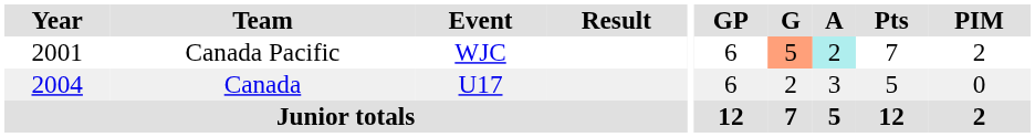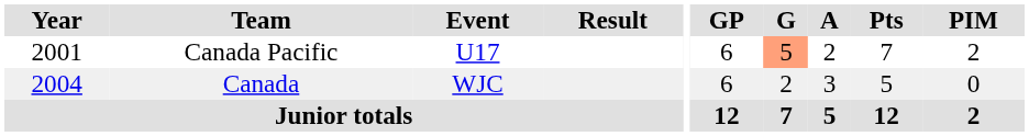 <table border="0" cellpadding="1" cellspacing="0" ID="Table3" style="text-align:center; width:40em">
 <tr ALIGN="center" bgcolor="#e0e0e0">
 <th>Year</th>
 <th>Team</th>
 <th>Event</th>
 <th>Result</th>
 <th rowspan="99" bgcolor="#ffffff"></th>
 <th>GP</th>
 <th>G</th>
 <th>A</th>
 <th>Pts</th>
 <th>PIM</th>
 </tr>
 <tr>
 <td>2001</td>
 <td>Canada Pacific</td>
-<td><a href='#'>WJC</a></td>
+<td><a href='#'>U17</a></td>
 <td></td>
 <td>6</td>
 <td style="background: lightsalmon;">5</td>
-<td style="background: paleturquoise;">2</td>
+<td>2</td>
 <td>7</td>
 <td>2</td>
 </tr>
 <tr bgcolor="#f0f0f0">
 <td><a href='#'>2004</a></td>
 <td><a href='#'>Canada</a></td>
-<td><a href='#'>U17</a></td>
+<td><a href='#'>WJC</a></td>
 <td></td>
 <td>6</td>
 <td>2</td>
 <td>3</td>
 <td>5</td>
 <td>0</td>
 </tr>
 <tr bgcolor="#e0e0e0">
 <th colspan="4">Junior totals</th>
 <th>12</th>
 <th>7</th>
 <th>5</th>
 <th>12</th>
 <th>2</th>
 </tr>
 </table>
